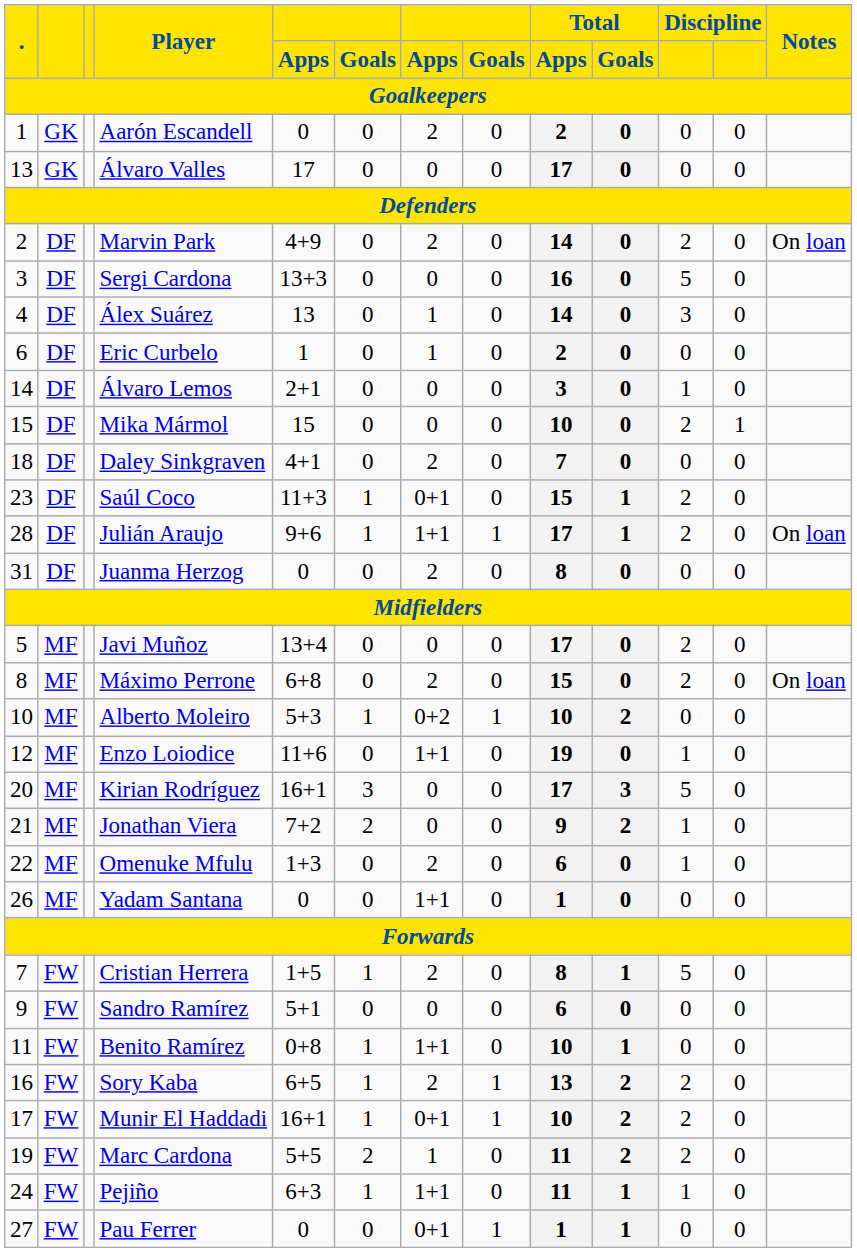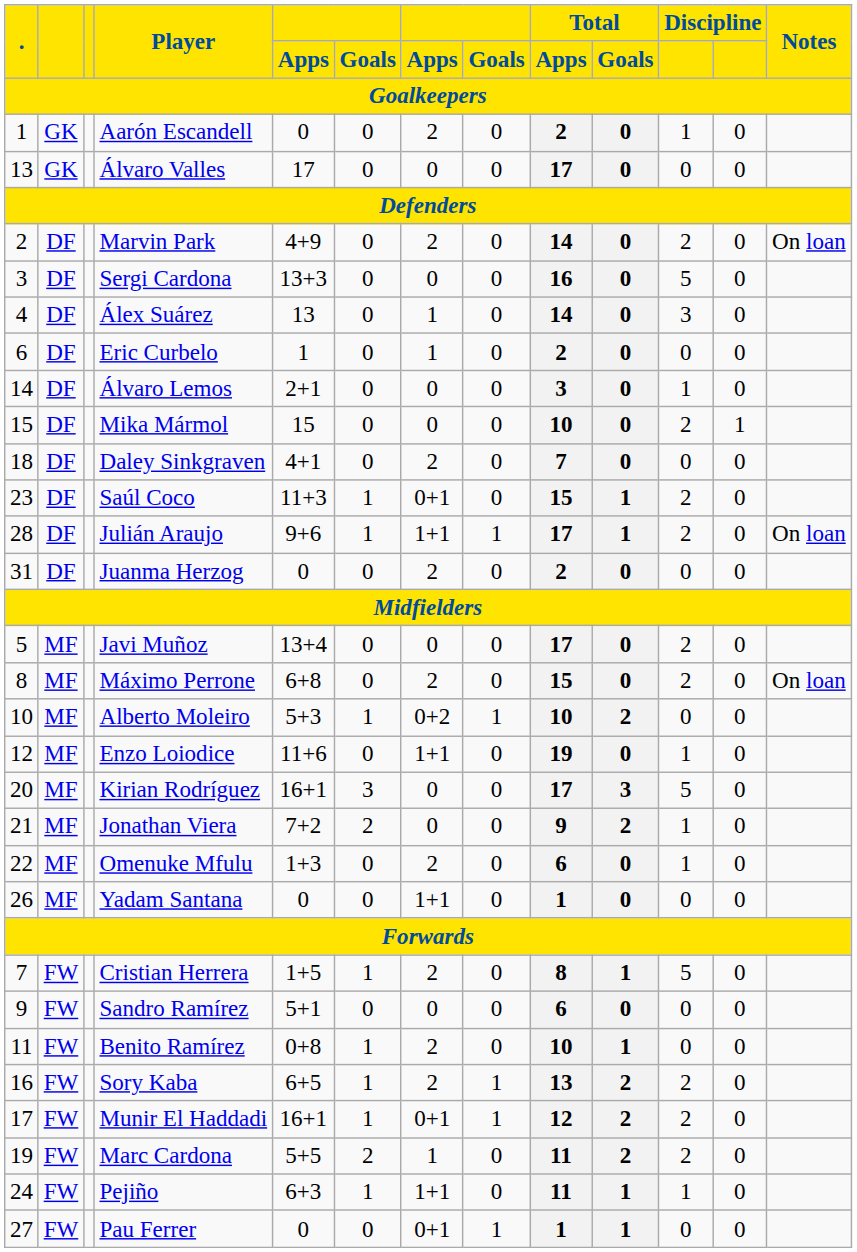 <table class="wikitable sortable alternance" style="text-align:center">
 <tr>
 <th rowspan="2" style="background:#ffe400; color:#004b9d; ">.</th>
 <th rowspan="2" style="background:#ffe400; color:#004b9d; "></th>
 <th rowspan="2" style="background:#ffe400; color:#004b9d; "></th>
 <th rowspan="2" style="background:#ffe400; color:#004b9d; ">Player</th>
 <th colspan="2" style="background:#ffe400; color:#004b9d; "></th>
 <th colspan="2" style="background:#ffe400; color:#004b9d; "></th>
 <th colspan="2" style="background:#ffe400; color:#004b9d; ">Total</th>
 <th colspan="2" style="background:#ffe400; color:#004b9d; ">Discipline</th>
 <th rowspan="2" style="background:#ffe400; color:#004b9d; ">Notes</th>
 </tr>
 <tr>
 <th style="background:#ffe400; color:#004b9d; ">Apps</th>
 <th style="background:#ffe400; color:#004b9d; ">Goals</th>
 <th style="background:#ffe400; color:#004b9d; ">Apps</th>
 <th style="background:#ffe400; color:#004b9d; ">Goals</th>
 <th style="background:#ffe400; color:#004b9d; ">Apps</th>
 <th style="background:#ffe400; color:#004b9d; ">Goals</th>
 <th style="background:#ffe400; color:#004b9d; "></th>
 <th style="background:#ffe400; color:#004b9d; "></th>
 </tr>
 <tr>
 <th colspan="17" style="background:#ffe400; color:#004b9d; "><em>Goalkeepers</em></th>
 </tr>
 <tr>
 <td>1</td>
 <td><a href='#'>GK</a></td>
 <td></td>
 <td align="left"><a href='#'>Aarón Escandell</a></td>
 <td>0</td>
 <td>0</td>
 <td>2</td>
 <td>0</td>
 <th><strong>2</strong></th>
 <th><strong>0</strong></th>
-<td>0</td>
+<td>1</td>
 <td>0</td>
 <td></td>
 </tr>
 <tr>
 <td>13</td>
 <td><a href='#'>GK</a></td>
 <td></td>
 <td align="left"><a href='#'>Álvaro Valles</a></td>
 <td>17</td>
 <td>0</td>
 <td>0</td>
 <td>0</td>
 <th><strong>17</strong></th>
 <th><strong>0</strong></th>
 <td>0</td>
 <td>0</td>
 <td></td>
 </tr>
 <tr>
 <th colspan="17" style="background:#ffe400; color:#004b9d; "><em>Defenders</em></th>
 </tr>
 <tr>
 <td>2</td>
 <td><a href='#'>DF</a></td>
 <td></td>
 <td align="left"><a href='#'>Marvin Park</a></td>
 <td>4+9</td>
 <td>0</td>
 <td>2</td>
 <td>0</td>
 <th><strong>14</strong></th>
 <th><strong>0</strong></th>
 <td>2</td>
 <td>0</td>
 <td>On <a href='#'>loan</a></td>
 </tr>
 <tr>
 <td>3</td>
 <td><a href='#'>DF</a></td>
 <td></td>
 <td align="left"><a href='#'>Sergi Cardona</a></td>
 <td>13+3</td>
 <td>0</td>
 <td>0</td>
 <td>0</td>
 <th><strong>16</strong></th>
 <th><strong>0</strong></th>
 <td>5</td>
 <td>0</td>
 <td></td>
 </tr>
 <tr>
 <td>4</td>
 <td><a href='#'>DF</a></td>
 <td></td>
 <td align="left"><a href='#'>Álex Suárez</a></td>
 <td>13</td>
 <td>0</td>
 <td>1</td>
 <td>0</td>
 <th><strong>14</strong></th>
 <th><strong>0</strong></th>
 <td>3</td>
 <td>0</td>
 <td></td>
 </tr>
 <tr>
 <td>6</td>
 <td><a href='#'>DF</a></td>
 <td></td>
 <td align="left"><a href='#'>Eric Curbelo</a></td>
 <td>1</td>
 <td>0</td>
 <td>1</td>
 <td>0</td>
 <th><strong>2</strong></th>
 <th><strong>0</strong></th>
 <td>0</td>
 <td>0</td>
 <td></td>
 </tr>
 <tr>
 <td>14</td>
 <td><a href='#'>DF</a></td>
 <td></td>
 <td align="left"><a href='#'>Álvaro Lemos</a></td>
 <td>2+1</td>
 <td>0</td>
 <td>0</td>
 <td>0</td>
 <th><strong>3</strong></th>
 <th><strong>0</strong></th>
 <td>1</td>
 <td>0</td>
 <td></td>
 </tr>
 <tr>
 <td>15</td>
 <td><a href='#'>DF</a></td>
 <td></td>
 <td align="left"><a href='#'>Mika Mármol</a></td>
 <td>15</td>
 <td>0</td>
 <td>0</td>
 <td>0</td>
 <th><strong>10</strong></th>
 <th><strong>0</strong></th>
 <td>2</td>
 <td>1</td>
 <td></td>
 </tr>
 <tr>
 <td>18</td>
 <td><a href='#'>DF</a></td>
 <td></td>
 <td align="left"><a href='#'>Daley Sinkgraven</a></td>
 <td>4+1</td>
 <td>0</td>
 <td>2</td>
 <td>0</td>
 <th><strong>7</strong></th>
 <th><strong>0</strong></th>
 <td>0</td>
 <td>0</td>
 <td></td>
 </tr>
 <tr>
 <td>23</td>
 <td><a href='#'>DF</a></td>
 <td></td>
 <td align="left"><a href='#'>Saúl Coco</a></td>
 <td>11+3</td>
 <td>1</td>
 <td>0+1</td>
 <td>0</td>
 <th><strong>15</strong></th>
 <th><strong>1</strong></th>
 <td>2</td>
 <td>0</td>
 <td></td>
 </tr>
 <tr>
 <td>28</td>
 <td><a href='#'>DF</a></td>
 <td></td>
 <td align="left"><a href='#'>Julián Araujo</a></td>
 <td>9+6</td>
 <td>1</td>
 <td>1+1</td>
 <td>1</td>
 <th><strong>17</strong></th>
 <th><strong>1</strong></th>
 <td>2</td>
 <td>0</td>
 <td>On <a href='#'>loan</a></td>
 </tr>
 <tr>
 <td>31</td>
 <td><a href='#'>DF</a></td>
 <td></td>
 <td align="left"><a href='#'>Juanma Herzog</a></td>
 <td>0</td>
 <td>0</td>
 <td>2</td>
 <td>0</td>
-<th><strong>8</strong></th>
+<th><strong>2</strong></th>
 <th><strong>0</strong></th>
 <td>0</td>
 <td>0</td>
 <td></td>
 </tr>
 <tr>
 <th colspan="17" style="background:#ffe400; color:#004b9d; "><em>Midfielders</em></th>
 </tr>
 <tr>
 <td>5</td>
 <td><a href='#'>MF</a></td>
 <td></td>
 <td align="left"><a href='#'>Javi Muñoz</a></td>
 <td>13+4</td>
 <td>0</td>
 <td>0</td>
 <td>0</td>
 <th><strong>17</strong></th>
 <th><strong>0</strong></th>
 <td>2</td>
 <td>0</td>
 <td></td>
 </tr>
 <tr>
 <td>8</td>
 <td><a href='#'>MF</a></td>
 <td></td>
 <td align="left"><a href='#'>Máximo Perrone</a></td>
 <td>6+8</td>
 <td>0</td>
 <td>2</td>
 <td>0</td>
 <th><strong>15</strong></th>
 <th><strong>0</strong></th>
 <td>2</td>
 <td>0</td>
 <td>On <a href='#'>loan</a></td>
 </tr>
 <tr>
 <td>10</td>
 <td><a href='#'>MF</a></td>
 <td></td>
 <td align="left"><a href='#'>Alberto Moleiro</a></td>
 <td>5+3</td>
 <td>1</td>
 <td>0+2</td>
 <td>1</td>
 <th><strong>10</strong></th>
 <th><strong>2</strong></th>
 <td>0</td>
 <td>0</td>
 <td></td>
 </tr>
 <tr>
 <td>12</td>
 <td><a href='#'>MF</a></td>
 <td></td>
 <td align="left"><a href='#'>Enzo Loiodice</a></td>
 <td>11+6</td>
 <td>0</td>
 <td>1+1</td>
 <td>0</td>
 <th><strong>19</strong></th>
 <th><strong>0</strong></th>
 <td>1</td>
 <td>0</td>
 <td></td>
 </tr>
 <tr>
 <td>20</td>
 <td><a href='#'>MF</a></td>
 <td></td>
 <td align="left"><a href='#'>Kirian Rodríguez</a></td>
 <td>16+1</td>
 <td>3</td>
 <td>0</td>
 <td>0</td>
 <th><strong>17</strong></th>
 <th><strong>3</strong></th>
 <td>5</td>
 <td>0</td>
 <td></td>
 </tr>
 <tr>
 <td>21</td>
 <td><a href='#'>MF</a></td>
 <td></td>
 <td align="left"><a href='#'>Jonathan Viera</a></td>
 <td>7+2</td>
 <td>2</td>
 <td>0</td>
 <td>0</td>
 <th><strong>9</strong></th>
 <th><strong>2</strong></th>
 <td>1</td>
 <td>0</td>
 <td></td>
 </tr>
 <tr>
 <td>22</td>
 <td><a href='#'>MF</a></td>
 <td></td>
 <td align="left"><a href='#'>Omenuke Mfulu</a></td>
 <td>1+3</td>
 <td>0</td>
 <td>2</td>
 <td>0</td>
 <th><strong>6</strong></th>
 <th><strong>0</strong></th>
 <td>1</td>
 <td>0</td>
 <td></td>
 </tr>
 <tr>
 <td>26</td>
 <td><a href='#'>MF</a></td>
 <td></td>
 <td align="left"><a href='#'>Yadam Santana</a></td>
 <td>0</td>
 <td>0</td>
 <td>1+1</td>
 <td>0</td>
 <th><strong>1</strong></th>
 <th><strong>0</strong></th>
 <td>0</td>
 <td>0</td>
 <td></td>
 </tr>
 <tr>
 <th colspan="17" style="background:#ffe400; color:#004b9d; "><em>Forwards</em></th>
 </tr>
 <tr>
 <td>7</td>
 <td><a href='#'>FW</a></td>
 <td></td>
 <td align="left"><a href='#'>Cristian Herrera</a></td>
 <td>1+5</td>
 <td>1</td>
 <td>2</td>
 <td>0</td>
 <th><strong>8</strong></th>
 <th><strong>1</strong></th>
 <td>5</td>
 <td>0</td>
 <td></td>
 </tr>
 <tr>
 <td>9</td>
 <td><a href='#'>FW</a></td>
 <td></td>
 <td align="left"><a href='#'>Sandro Ramírez</a></td>
 <td>5+1</td>
 <td>0</td>
 <td>0</td>
 <td>0</td>
 <th><strong>6</strong></th>
 <th><strong>0</strong></th>
 <td>0</td>
 <td>0</td>
 <td></td>
 </tr>
 <tr>
 <td>11</td>
 <td><a href='#'>FW</a></td>
 <td></td>
 <td align="left"><a href='#'>Benito Ramírez</a></td>
 <td>0+8</td>
 <td>1</td>
-<td>1+1</td>
+<td>2</td>
 <td>0</td>
 <th><strong>10</strong></th>
 <th><strong>1</strong></th>
 <td>0</td>
 <td>0</td>
 <td></td>
 </tr>
 <tr>
 <td>16</td>
 <td><a href='#'>FW</a></td>
 <td></td>
 <td align="left"><a href='#'>Sory Kaba</a></td>
 <td>6+5</td>
 <td>1</td>
 <td>2</td>
 <td>1</td>
 <th><strong>13</strong></th>
 <th><strong>2</strong></th>
 <td>2</td>
 <td>0</td>
 <td></td>
 </tr>
 <tr>
 <td>17</td>
 <td><a href='#'>FW</a></td>
 <td></td>
 <td align="left"><a href='#'>Munir El Haddadi</a></td>
 <td>16+1</td>
 <td>1</td>
 <td>0+1</td>
 <td>1</td>
-<th><strong>10</strong></th>
+<th><strong>12</strong></th>
 <th><strong>2</strong></th>
 <td>2</td>
 <td>0</td>
 <td></td>
 </tr>
 <tr>
 <td>19</td>
 <td><a href='#'>FW</a></td>
 <td></td>
 <td align="left"><a href='#'>Marc Cardona</a></td>
 <td>5+5</td>
 <td>2</td>
 <td>1</td>
 <td>0</td>
 <th><strong>11</strong></th>
 <th><strong>2</strong></th>
 <td>2</td>
 <td>0</td>
 <td></td>
 </tr>
 <tr>
 <td>24</td>
 <td><a href='#'>FW</a></td>
 <td></td>
 <td align="left"><a href='#'>Pejiño</a></td>
 <td>6+3</td>
 <td>1</td>
 <td>1+1</td>
 <td>0</td>
 <th><strong>11</strong></th>
 <th><strong>1</strong></th>
 <td>1</td>
 <td>0</td>
 <td></td>
 </tr>
 <tr>
 <td>27</td>
 <td><a href='#'>FW</a></td>
 <td></td>
 <td align="left"><a href='#'>Pau Ferrer</a></td>
 <td>0</td>
 <td>0</td>
 <td>0+1</td>
 <td>1</td>
 <th><strong>1</strong></th>
 <th><strong>1</strong></th>
 <td>0</td>
 <td>0</td>
 <td></td>
 </tr>
 </table>
